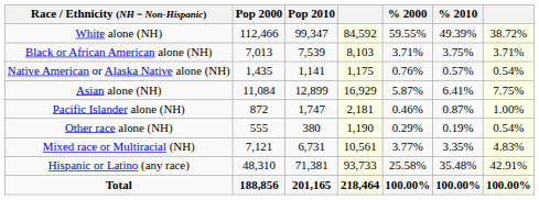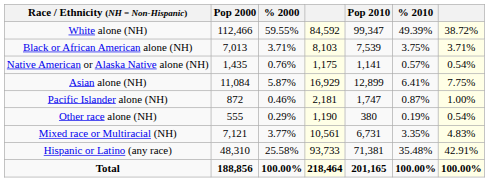 <table class="wikitable" style="text-align:center;">
 <tr>
 <th>Race / Ethnicity <small>(<em>NH = Non-Hispanic</em>)</small></th>
 <th>Pop 2000</th>
+<th>% 2000</th>
+<th></th>
 <th>Pop 2010</th>
-<th></th>
-<th>% 2000</th>
 <th>% 2010</th>
 <th></th>
 </tr>
 <tr>
 <td><a href='#'>White</a> alone (NH)</td>
 <td>112,466</td>
+<td>59.55%</td>
+<td style='background: #ffffe6;'>84,592</td>
 <td>99,347</td>
-<td style='background: #ffffe6;'>84,592</td>
-<td>59.55%</td>
 <td>49.39%</td>
 <td style='background: #ffffe6;'>38.72%</td>
 </tr>
 <tr>
 <td><a href='#'>Black or African American</a> alone (NH)</td>
 <td>7,013</td>
+<td>3.71%</td>
+<td style='background: #ffffe6;'>8,103</td>
 <td>7,539</td>
-<td style='background: #ffffe6;'>8,103</td>
-<td>3.71%</td>
 <td>3.75%</td>
 <td style='background: #ffffe6;'>3.71%</td>
 </tr>
 <tr>
 <td><a href='#'>Native American</a> or <a href='#'>Alaska Native</a> alone (NH)</td>
 <td>1,435</td>
+<td>0.76%</td>
+<td style='background: #ffffe6;'>1,175</td>
 <td>1,141</td>
-<td style='background: #ffffe6;'>1,175</td>
-<td>0.76%</td>
 <td>0.57%</td>
 <td style='background: #ffffe6;'>0.54%</td>
 </tr>
 <tr>
 <td><a href='#'>Asian</a> alone (NH)</td>
 <td>11,084</td>
+<td>5.87%</td>
+<td style='background: #ffffe6;'>16,929</td>
 <td>12,899</td>
-<td style='background: #ffffe6;'>16,929</td>
-<td>5.87%</td>
 <td>6.41%</td>
 <td style='background: #ffffe6;'>7.75%</td>
 </tr>
 <tr>
 <td><a href='#'>Pacific Islander</a> alone (NH)</td>
 <td>872</td>
+<td>0.46%</td>
+<td style='background: #ffffe6;'>2,181</td>
 <td>1,747</td>
-<td style='background: #ffffe6;'>2,181</td>
-<td>0.46%</td>
 <td>0.87%</td>
 <td style='background: #ffffe6;'>1.00%</td>
 </tr>
 <tr>
 <td><a href='#'>Other race</a> alone (NH)</td>
 <td>555</td>
+<td>0.29%</td>
+<td style='background: #ffffe6;'>1,190</td>
 <td>380</td>
-<td style='background: #ffffe6;'>1,190</td>
-<td>0.29%</td>
 <td>0.19%</td>
 <td style='background: #ffffe6;'>0.54%</td>
 </tr>
 <tr>
 <td><a href='#'>Mixed race or Multiracial</a> (NH)</td>
 <td>7,121</td>
+<td>3.77%</td>
+<td style='background: #ffffe6;'>10,561</td>
 <td>6,731</td>
-<td style='background: #ffffe6;'>10,561</td>
-<td>3.77%</td>
 <td>3.35%</td>
 <td style='background: #ffffe6;'>4.83%</td>
 </tr>
 <tr>
 <td><a href='#'>Hispanic or Latino</a> (any race)</td>
 <td>48,310</td>
+<td>25.58%</td>
+<td style='background: #ffffe6;'>93,733</td>
 <td>71,381</td>
-<td style='background: #ffffe6;'>93,733</td>
-<td>25.58%</td>
 <td>35.48%</td>
 <td style='background: #ffffe6;'>42.91%</td>
 </tr>
 <tr>
 <td><strong>Total</strong></td>
 <td><strong>188,856</strong></td>
+<td><strong>100.00%</strong></td>
+<td style='background: #ffffe6;'><strong>218,464</strong></td>
 <td><strong>201,165</strong></td>
-<td style='background: #ffffe6;'><strong>218,464</strong></td>
-<td><strong>100.00%</strong></td>
 <td><strong>100.00%</strong></td>
 <td style='background: #ffffe6;'><strong>100.00%</strong></td>
 </tr>
 </table>
